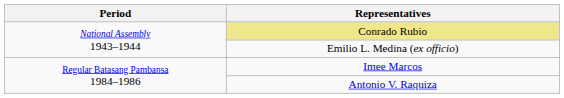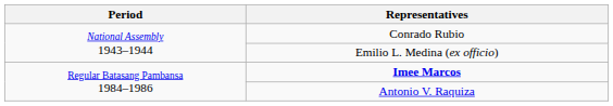 <table class="wikitable" style="text-align:center; width:40%;">
 <tr>
 <th width="40%">Period</th>
 <th>Representatives</th>
 </tr>
 <tr>
 <td rowspan="2"><small><a href='#'><em>National Assembly</em></a></small><br>1943–1944</td>
-<td style="background: khaki;">Conrado Rubio</td>
+<td>Conrado Rubio</td>
 </tr>
 <tr>
 <td>Emilio L. Medina (<em>ex officio</em>)</td>
 </tr>
 <tr>
 <td rowspan="2"><small><a href='#'>Regular Batasang Pambansa</a></small><br>1984–1986</td>
-<td><a href='#'>Imee Marcos</a></td>
+<td><strong><a href='#'>Imee Marcos</a></strong></td>
 </tr>
 <tr>
 <td><a href='#'>Antonio V. Raquiza</a></td>
 </tr>
 </table>
